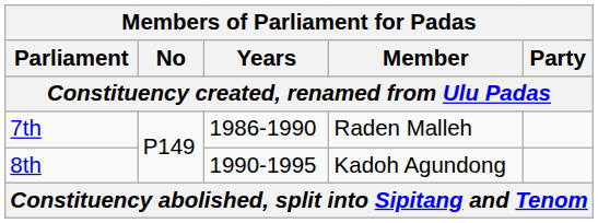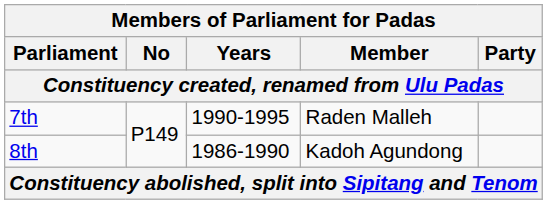 <table class=wikitable>
 <tr>
 <th colspan="5">Members of Parliament for Padas</th>
 </tr>
 <tr>
 <th>Parliament</th>
 <th>No</th>
 <th>Years</th>
 <th>Member</th>
 <th>Party</th>
 </tr>
 <tr>
 <th colspan="5" align="center"><em>Constituency created, renamed from <a href='#'>Ulu Padas</a></em></th>
 </tr>
 <tr>
 <td><a href='#'>7th</a></td>
 <td rowspan="2">P149</td>
-<td>1986-1990</td>
+<td>1990-1995</td>
 <td>Raden Malleh</td>
 <td></td>
 </tr>
 <tr>
 <td><a href='#'>8th</a></td>
-<td>1990-1995</td>
+<td>1986-1990</td>
 <td>Kadoh Agundong</td>
 <td bgcolor=></td>
 </tr>
 <tr>
 <th colspan="5" align="center"><em>Constituency abolished, split into <a href='#'>Sipitang</a> and <a href='#'>Tenom</a></em></th>
 </tr>
 </table>
